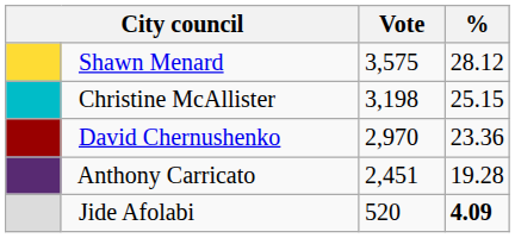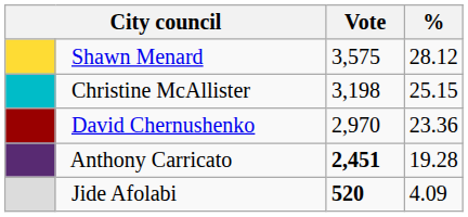 <table class="wikitable">
 <tr>
 <th bgcolor="#DDDDFF" width="230px" colspan="2">City council</th>
 <th bgcolor="#DDDDFF" width="50px">Vote</th>
 <th bgcolor="#DDDDFF" width="30px">%</th>
 </tr>
 <tr>
 <td bgcolor=#FEDC34 width="30px"> </td>
 <td>  <a href='#'>Shawn Menard</a></td>
 <td>3,575</td>
 <td>28.12</td>
 </tr>
 <tr>
 <td bgcolor=#00BCC8 width="30px"> </td>
 <td>  Christine McAllister</td>
 <td>3,198</td>
 <td>25.15</td>
 </tr>
 <tr>
 <td bgcolor=#990000 width="30px"> </td>
 <td>  <a href='#'>David Chernushenko</a></td>
 <td>2,970</td>
 <td>23.36</td>
 </tr>
 <tr>
 <td bgcolor=#582A72 width="30px"> </td>
 <td>  Anthony Carricato</td>
-<td>2,451</td>
+<td><strong>2,451</strong></td>
 <td>19.28</td>
 </tr>
 <tr>
 <td bgcolor=#DCDCDC width="30px"> </td>
 <td>  Jide Afolabi</td>
-<td>520</td>
-<td><strong>4.09</strong></td>
+<td><strong>520</strong></td>
+<td>4.09</td>
 </tr>
 </table>
